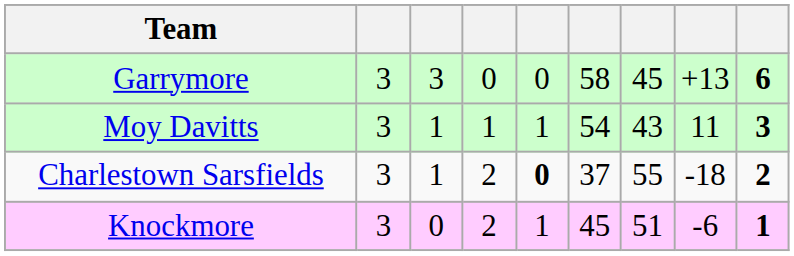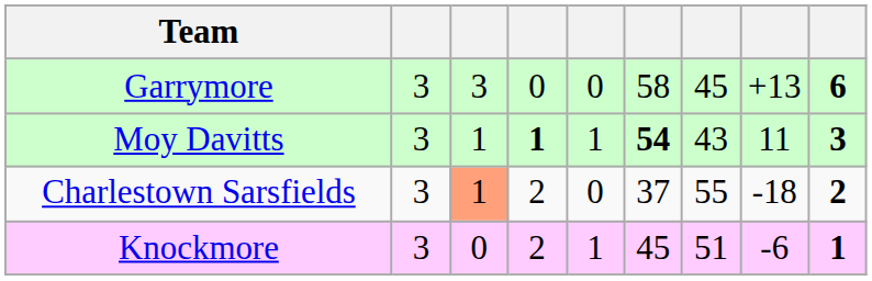 <table class="wikitable" style="text-align:center">
 <tr>
 <th style="width:175px;">Team</th>
 <th width="20"></th>
 <th width="20"></th>
 <th width="20"></th>
 <th width="20"></th>
 <th width="20"></th>
 <th width="20"></th>
 <th width="20"></th>
 <th width="20"></th>
 </tr>
 <tr style="background:#cfc;">
 <td><a href='#'>Garrymore</a></td>
 <td>3</td>
 <td>3</td>
 <td>0</td>
 <td>0</td>
 <td>58</td>
 <td>45</td>
 <td>+13</td>
 <td><strong>6</strong></td>
 </tr>
 <tr style="background:#cfc;">
 <td><a href='#'>Moy Davitts</a></td>
 <td>3</td>
 <td>1</td>
+<td><strong>1</strong></td>
 <td>1</td>
-<td>1</td>
-<td>54</td>
+<td><strong>54</strong></td>
 <td>43</td>
 <td>11</td>
 <td><strong>3</strong></td>
 </tr>
 <tr>
 <td><a href='#'>Charlestown Sarsfields</a></td>
 <td>3</td>
-<td>1</td>
+<td style="background: lightsalmon;">1</td>
 <td>2</td>
-<td><strong>0</strong></td>
+<td>0</td>
 <td>37</td>
 <td>55</td>
 <td>-18</td>
 <td><strong>2</strong></td>
 </tr>
 <tr style="background:#fcf;">
 <td><a href='#'>Knockmore</a></td>
 <td>3</td>
 <td>0</td>
 <td>2</td>
 <td>1</td>
 <td>45</td>
 <td>51</td>
 <td>-6</td>
 <td><strong>1</strong></td>
 </tr>
 </table>
